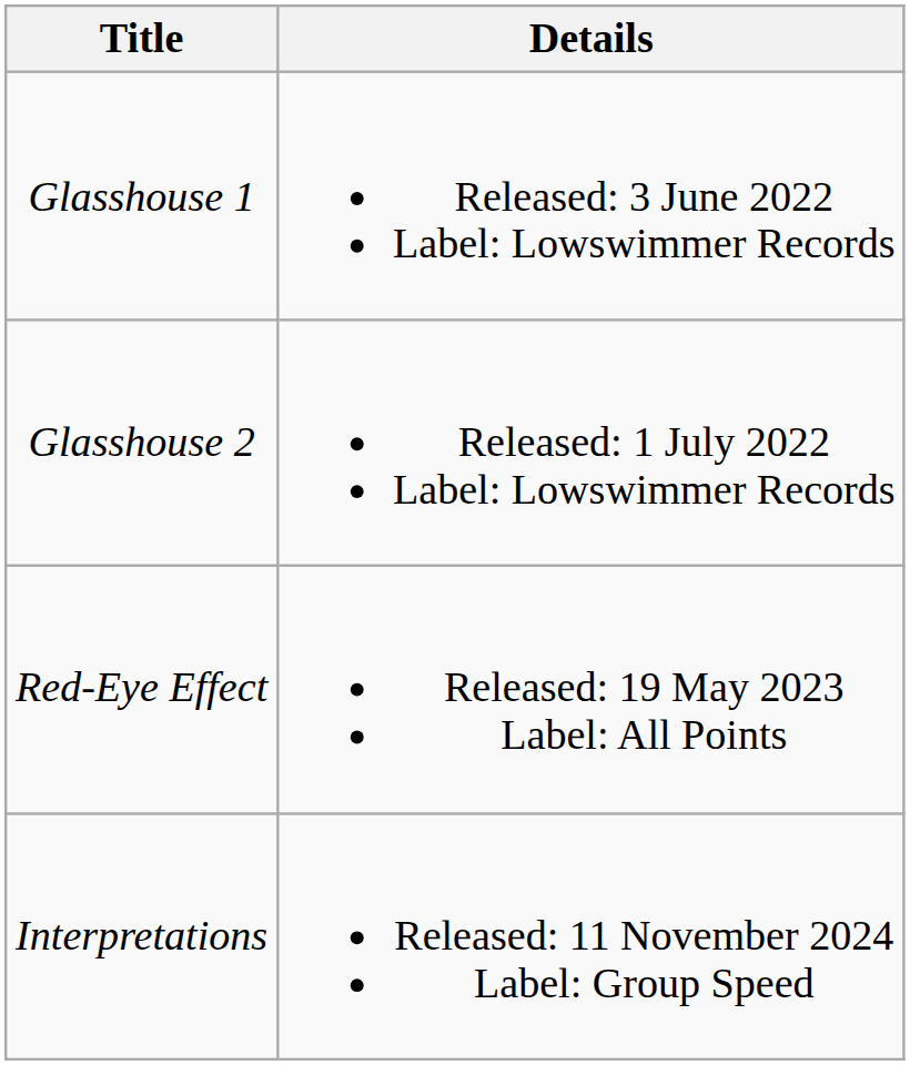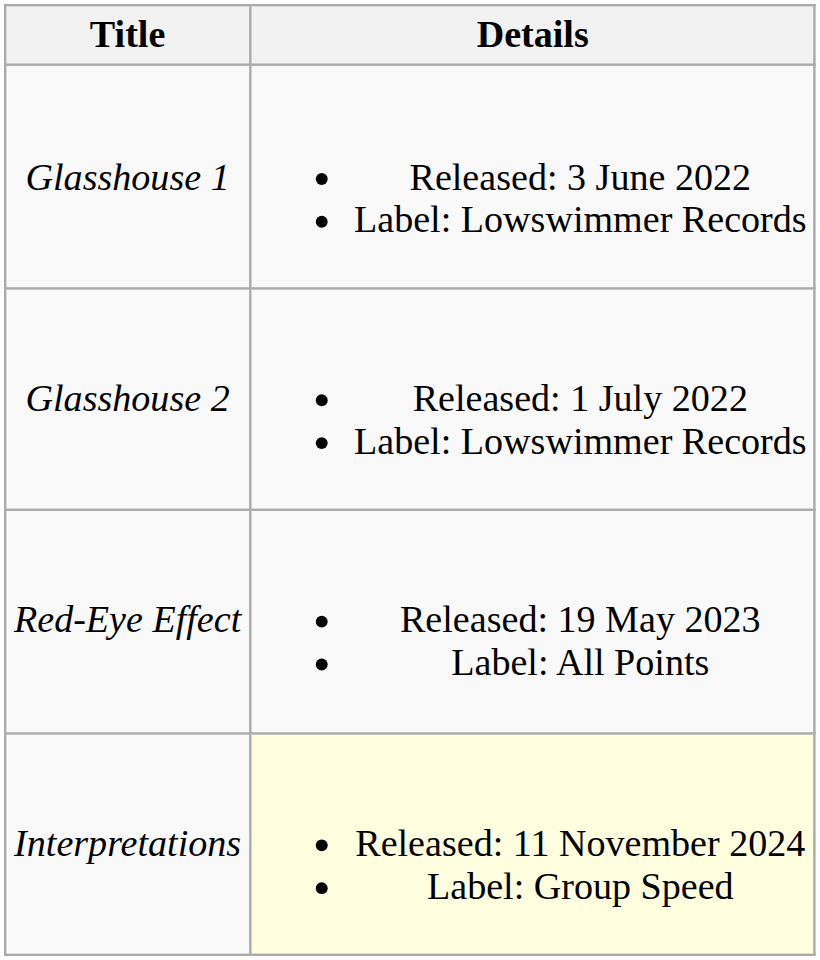 <table class="wikitable plainrowheaders" style="text-align:center;">
 <tr>
 <th rowspan="1" scope="col">Title</th>
 <th rowspan="1" scope="col">Details</th>
 </tr>
 <tr>
 <td scope = "row"><em>Glasshouse 1</em></td>
 <td><br><ul><li>Released: 3 June 2022</li><li>Label: Lowswimmer Records</li></ul></td>
 </tr>
 <tr>
 <td scope = "row"><em>Glasshouse 2</em></td>
 <td><br><ul><li>Released: 1 July 2022</li><li>Label: Lowswimmer Records</li></ul></td>
 </tr>
 <tr>
 <td scope = "row"><em>Red-Eye Effect</em></td>
 <td><br><ul><li>Released: 19 May 2023</li><li>Label: All Points</li></ul></td>
 </tr>
 <tr>
 <td score = "row"><em>Interpretations</em></td>
-<td><br><ul><li>Released: 11 November 2024</li><li>Label: Group Speed</li></ul></td>
+<td style="background: lightyellow;"><br><ul><li>Released: 11 November 2024</li><li>Label: Group Speed</li></ul></td>
 </tr>
 </table>
